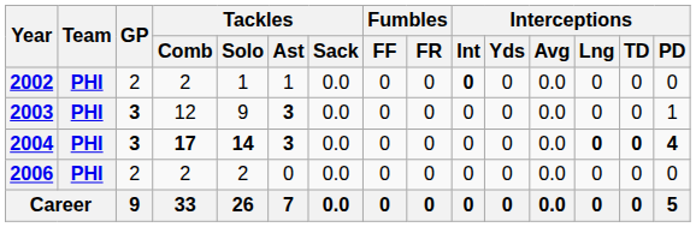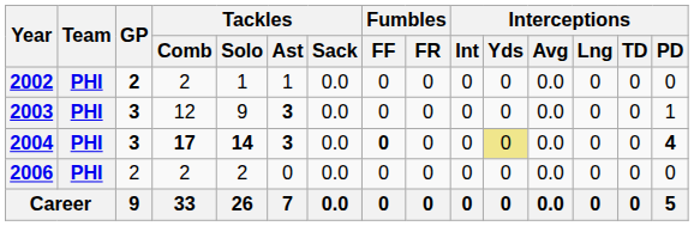 <table class="wikitable" style="text-align:center">
 <tr>
 <th rowspan="2">Year</th>
 <th rowspan="2">Team</th>
 <th rowspan="2">GP</th>
 <th colspan="4">Tackles</th>
 <th colspan="2">Fumbles</th>
 <th colspan="6">Interceptions</th>
 </tr>
 <tr>
 <th>Comb</th>
 <th>Solo</th>
 <th>Ast</th>
 <th>Sack</th>
 <th>FF</th>
 <th>FR</th>
 <th>Int</th>
 <th>Yds</th>
 <th>Avg</th>
 <th>Lng</th>
 <th>TD</th>
 <th>PD</th>
 </tr>
 <tr>
 <th><a href='#'>2002</a></th>
 <th><a href='#'>PHI</a></th>
-<td>2</td>
+<td><strong>2</strong></td>
 <td>2</td>
 <td>1</td>
 <td>1</td>
 <td>0.0</td>
 <td>0</td>
 <td>0</td>
-<td><strong>0</strong></td>
+<td>0</td>
 <td>0</td>
 <td>0.0</td>
 <td>0</td>
 <td>0</td>
 <td>0</td>
 </tr>
 <tr>
 <th><a href='#'>2003</a></th>
 <th><a href='#'>PHI</a></th>
 <td><strong>3</strong></td>
 <td>12</td>
 <td>9</td>
 <td><strong>3</strong></td>
 <td>0.0</td>
 <td>0</td>
 <td>0</td>
 <td>0</td>
 <td>0</td>
 <td>0.0</td>
 <td>0</td>
 <td>0</td>
 <td>1</td>
 </tr>
 <tr>
 <th><a href='#'>2004</a></th>
 <th><a href='#'>PHI</a></th>
 <td><strong>3</strong></td>
 <td><strong>17</strong></td>
 <td><strong>14</strong></td>
 <td><strong>3</strong></td>
 <td>0.0</td>
+<td><strong>0</strong></td>
 <td>0</td>
 <td>0</td>
+<td style="background: khaki;">0</td>
+<td>0.0</td>
 <td>0</td>
 <td>0</td>
-<td>0.0</td>
-<td><strong>0</strong></td>
-<td><strong>0</strong></td>
 <td><strong>4</strong></td>
 </tr>
 <tr>
 <th><a href='#'>2006</a></th>
 <th><a href='#'>PHI</a></th>
 <td>2</td>
 <td>2</td>
 <td>2</td>
 <td>0</td>
 <td>0.0</td>
 <td>0</td>
 <td>0</td>
 <td>0</td>
 <td>0</td>
 <td>0.0</td>
 <td>0</td>
 <td>0</td>
 <td>0</td>
 </tr>
 <tr>
 <th colspan="2">Career</th>
 <th>9</th>
 <th>33</th>
 <th>26</th>
 <th>7</th>
 <th>0.0</th>
 <th>0</th>
 <th>0</th>
 <th>0</th>
 <th>0</th>
 <th>0.0</th>
 <th>0</th>
 <th>0</th>
 <th>5</th>
 </tr>
 </table>
